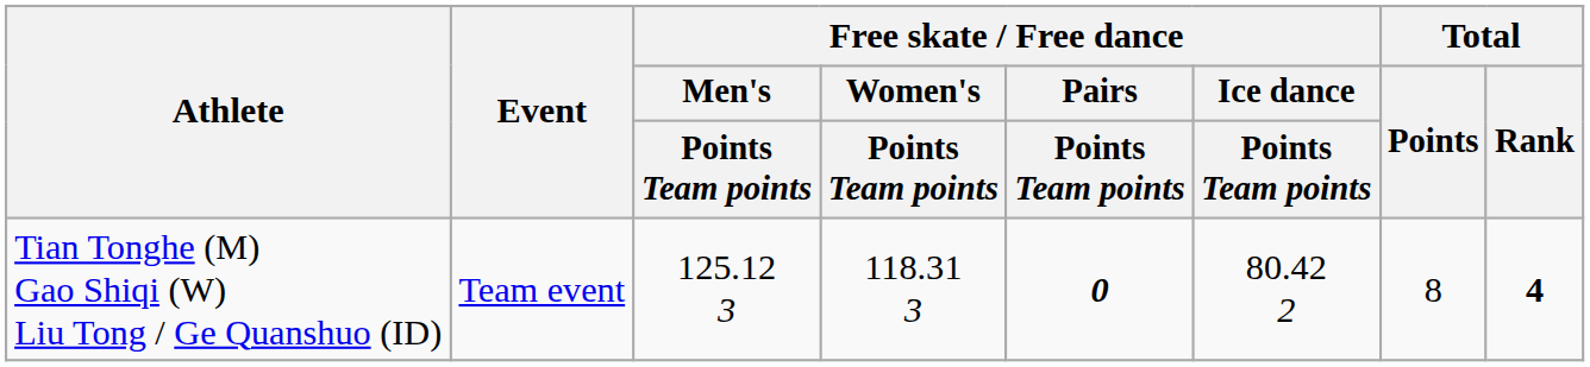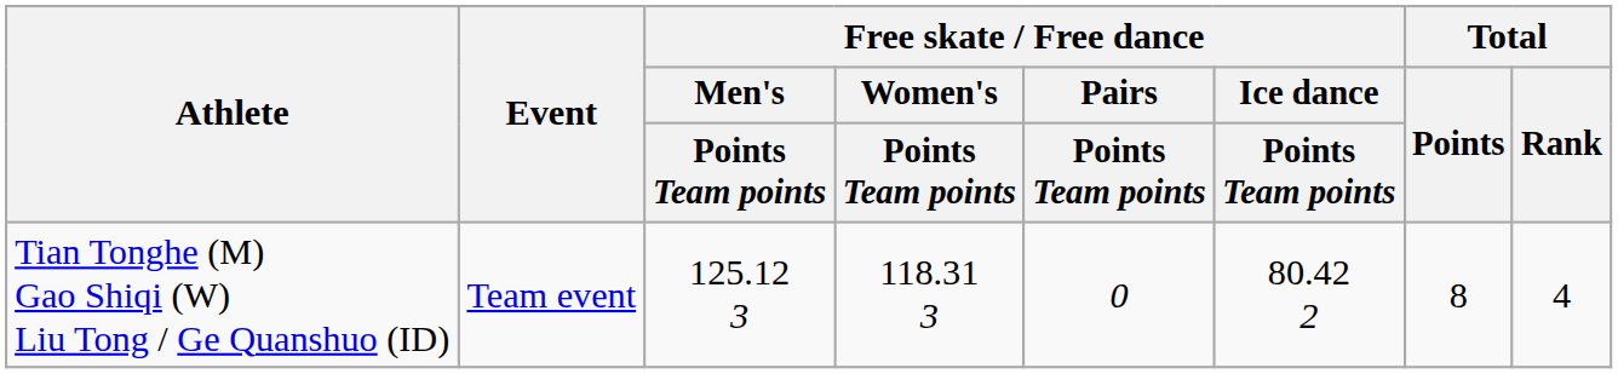 <table class=wikitable style=font-size:90%>
 <tr>
 <th rowspan=3>Athlete</th>
 <th rowspan=3>Event</th>
 <th colspan=4>Free skate / Free dance</th>
 <th colspan=2>Total</th>
 </tr>
 <tr style=font-size:95%>
 <th>Men's</th>
 <th>Women's</th>
 <th>Pairs</th>
 <th>Ice dance</th>
 <th rowspan=2>Points</th>
 <th rowspan=2>Rank</th>
 </tr>
 <tr style=font-size:95%>
 <th>Points<br><em>Team points</em></th>
 <th>Points<br><em>Team points</em></th>
 <th>Points<br><em>Team points</em></th>
 <th>Points<br><em>Team points</em></th>
 </tr>
 <tr align=center>
 <td align=left><a href='#'>Tian Tonghe</a> (M)<br><a href='#'>Gao Shiqi</a> (W)<br><a href='#'>Liu Tong</a> / <a href='#'>Ge Quanshuo</a> (ID)</td>
 <td align=left><a href='#'>Team event</a></td>
 <td>125.12<br><em>3</em></td>
 <td>118.31<br><em>3</em></td>
-<td><strong><em>0</em></strong></td>
+<td><em>0</em></td>
 <td>80.42<br><em>2</em></td>
 <td>8</td>
-<td><strong>4</strong></td>
+<td>4</td>
 </tr>
 </table>
